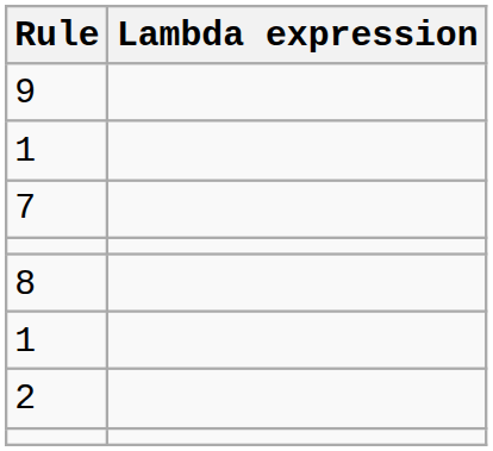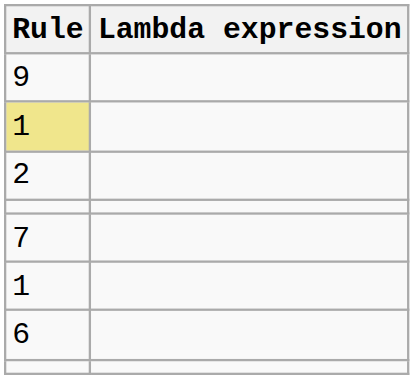 <table class="wikitable mw-collapsible mw-collapsed">
 <tr>
 <th>Rule</th>
 <th>Lambda expression</th>
 </tr>
 <tr>
 <td>9</td>
 <td></td>
 </tr>
 <tr>
-<td>1</td>
-<td></td>
-</tr>
-<tr>
-<td>7</td>
-<td></td>
-</tr>
-<tr>
-<td></td>
-<td></td>
-</tr>
-<tr>
-<td>8</td>
-<td></td>
-</tr>
-<tr>
-<td>1</td>
+<td style="background: khaki;">1</td>
 <td></td>
 </tr>
 <tr>
 <td>2</td>
 <td></td>
 </tr>
 <tr>
 <td></td>
 <td></td>
 </tr>
+<tr>
+<td>7</td>
+<td></td>
+</tr>
+<tr>
+<td>1</td>
+<td></td>
+</tr>
+<tr>
+<td>6</td>
+<td></td>
+</tr>
+<tr>
+<td></td>
+<td></td>
+</tr>
 </table>
